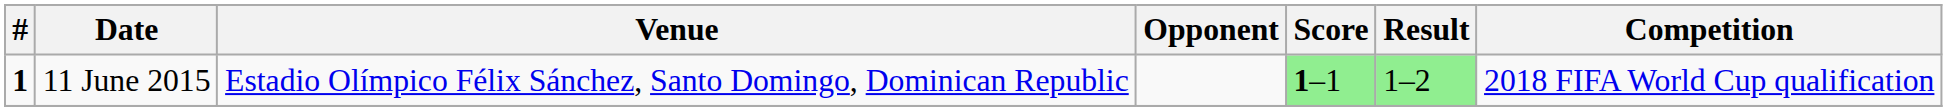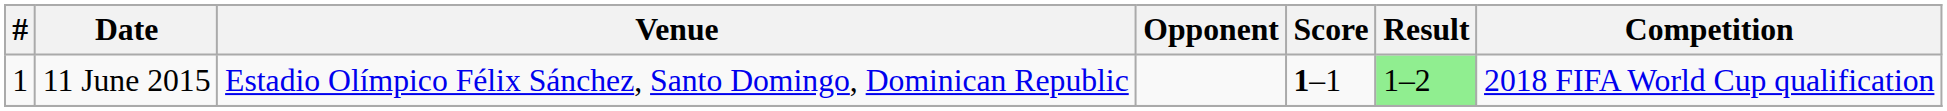 <table class="wikitable">
 <tr>
 <th>#</th>
 <th>Date</th>
 <th>Venue</th>
 <th>Opponent</th>
 <th>Score</th>
 <th>Result</th>
 <th>Competition</th>
 </tr>
 <tr>
-<td><strong>1</strong></td>
+<td>1</td>
 <td>11 June 2015</td>
 <td><a href='#'>Estadio Olímpico Félix Sánchez</a>, <a href='#'>Santo Domingo</a>, <a href='#'>Dominican Republic</a></td>
 <td></td>
-<td style="background: lightgreen;"><strong>1</strong>–1</td>
+<td><strong>1</strong>–1</td>
 <td style="background: lightgreen;">1–2</td>
 <td><a href='#'>2018 FIFA World Cup qualification</a></td>
 </tr>
 <tr>
 </tr>
 </table>
